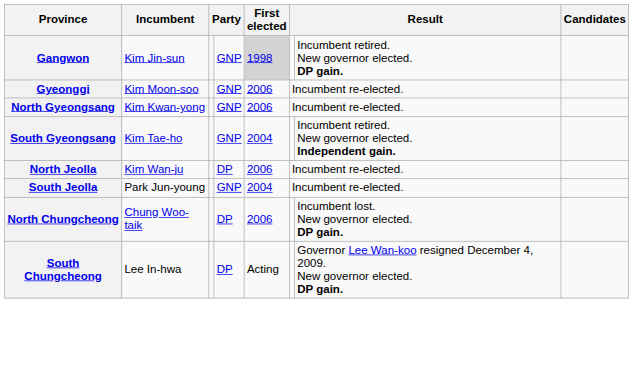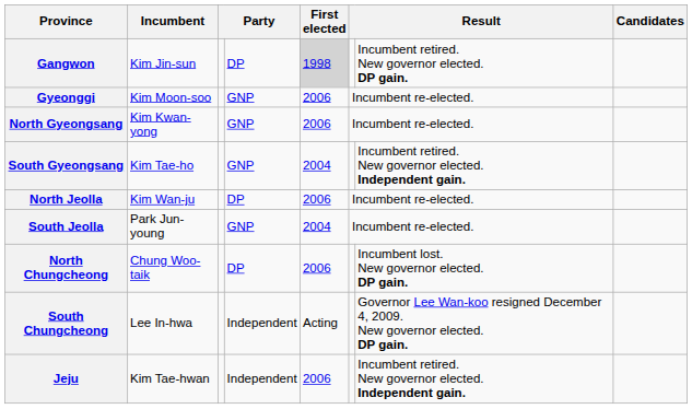 <table class="wikitable sortable">
 <tr>
 <th>Province</th>
 <th>Incumbent</th>
 <th colspan="2">Party</th>
 <th>First<br>elected</th>
 <th colspan="2">Result</th>
 <th>Candidates</th>
 </tr>
 <tr>
 <th><a href='#'>Gangwon</a></th>
 <td><a href='#'>Kim Jin-sun</a></td>
 <td></td>
-<td><a href='#'>GNP</a></td>
+<td><a href='#'>DP</a></td>
 <td style="background: lightgrey;"><a href='#'>1998</a></td>
 <td></td>
 <td>Incumbent retired.<br>New governor elected.<br><strong>DP gain.</strong></td>
 <td></td>
 </tr>
 <tr>
 <th><a href='#'>Gyeonggi</a></th>
 <td><a href='#'>Kim Moon-soo</a></td>
 <td></td>
 <td><a href='#'>GNP</a></td>
 <td><a href='#'>2006</a></td>
 <td colspan="2">Incumbent re-elected.</td>
 <td></td>
 </tr>
 <tr>
 <th><a href='#'>North Gyeongsang</a></th>
 <td><a href='#'>Kim Kwan-yong</a></td>
 <td></td>
 <td><a href='#'>GNP</a></td>
 <td><a href='#'>2006</a></td>
 <td colspan="2">Incumbent re-elected.</td>
 <td></td>
 </tr>
 <tr>
 <th><a href='#'>South Gyeongsang</a></th>
 <td><a href='#'>Kim Tae-ho</a></td>
 <td></td>
 <td><a href='#'>GNP</a></td>
 <td><a href='#'>2004</a></td>
 <td></td>
 <td>Incumbent retired.<br>New governor elected.<br><strong>Independent gain.</strong></td>
 <td></td>
 </tr>
 <tr>
 <th><a href='#'>North Jeolla</a></th>
 <td><a href='#'>Kim Wan-ju</a></td>
 <td></td>
 <td><a href='#'>DP</a></td>
 <td><a href='#'>2006</a></td>
 <td colspan="2">Incumbent re-elected.</td>
 <td></td>
 </tr>
 <tr>
 <th><a href='#'>South Jeolla</a></th>
 <td>Park Jun-young</td>
 <td></td>
 <td><a href='#'>GNP</a></td>
 <td><a href='#'>2004</a></td>
 <td colspan="2">Incumbent re-elected.</td>
 <td></td>
 </tr>
 <tr>
 <th><a href='#'>North Chungcheong</a></th>
 <td><a href='#'>Chung Woo-taik</a></td>
 <td></td>
 <td><a href='#'>DP</a></td>
 <td><a href='#'>2006</a></td>
 <td></td>
 <td>Incumbent lost.<br>New governor elected.<br><strong>DP gain.</strong></td>
 <td></td>
 </tr>
 <tr>
 <th><a href='#'>South Chungcheong</a></th>
 <td>Lee In-hwa</td>
 <td></td>
-<td><a href='#'>DP</a></td>
+<td>Independent</td>
 <td>Acting</td>
 <td></td>
 <td>Governor <a href='#'>Lee Wan-koo</a> resigned December 4, 2009.<br>New governor elected.<br><strong>DP gain.</strong></td>
 <td></td>
 </tr>
+<tr>
+<th><a href='#'>Jeju</a></th>
+<td>Kim Tae-hwan</td>
+<td></td>
+<td>Independent</td>
+<td><a href='#'>2006</a></td>
+<td></td>
+<td>Incumbent retired.<br>New governor elected.<br><strong>Independent gain.</strong></td>
+<td></td>
+</tr>
 </table>
